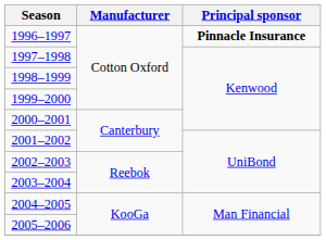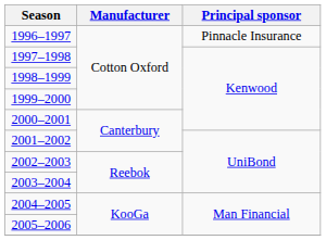 <table class="wikitable sticky-header" style="text-align:center;margin-left:1em;left">
 <tr>
 <th width=80>Season</th>
 <th width=120><a href='#'>Manufacturer</a></th>
 <th width=160><a href='#'>Principal sponsor</a></th>
 </tr>
 <tr>
 <td><a href='#'>1996–1997</a></td>
 <td rowspan="4"> Cotton Oxford</td>
-<td><strong> Pinnacle Insurance</strong></td>
+<td> Pinnacle Insurance</td>
 </tr>
 <tr>
 <td><a href='#'>1997–1998</a></td>
 <td rowspan="4"> <a href='#'>Kenwood</a></td>
 </tr>
 <tr>
 <td><a href='#'>1998–1999</a></td>
 </tr>
 <tr>
 <td><a href='#'>1999–2000</a></td>
 </tr>
 <tr>
 <td><a href='#'>2000–2001</a></td>
 <td rowspan="2"> <a href='#'>Canterbury</a></td>
 </tr>
 <tr>
 <td><a href='#'>2001–2002</a></td>
 <td rowspan="3"> <a href='#'>UniBond</a></td>
 </tr>
 <tr>
 <td><a href='#'>2002–2003</a></td>
 <td rowspan="2"> <a href='#'>Reebok</a></td>
 </tr>
 <tr>
 <td><a href='#'>2003–2004</a></td>
 </tr>
 <tr>
 <td><a href='#'>2004–2005</a></td>
 <td rowspan="2"> <a href='#'>KooGa</a></td>
 <td rowspan="2"> <a href='#'>Man Financial</a></td>
 </tr>
 <tr>
 <td><a href='#'>2005–2006</a></td>
 </tr>
 <tr>
 </tr>
 </table>
